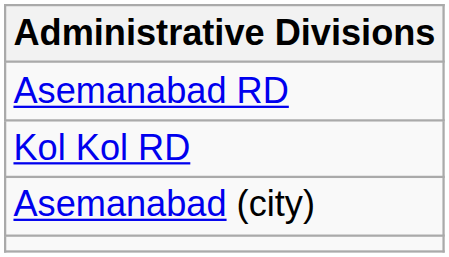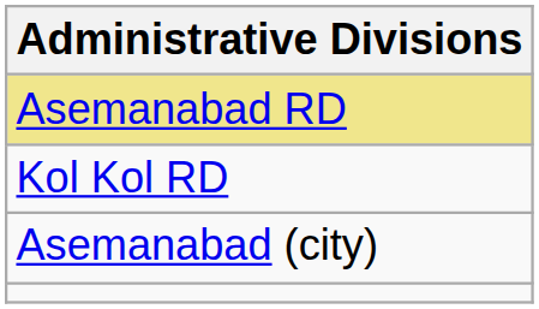 <table class="wikitable">
 <tr>
 <th>Administrative Divisions</th>
 </tr>
 <tr>
-<td><a href='#'>Asemanabad RD</a></td>
+<td style="background: khaki;"><a href='#'>Asemanabad RD</a></td>
 </tr>
 <tr>
 <td><a href='#'>Kol Kol RD</a></td>
 </tr>
 <tr>
 <td><a href='#'>Asemanabad</a> (city)</td>
 </tr>
 <tr>
 <td colspan=1></td>
 </tr>
 </table>
